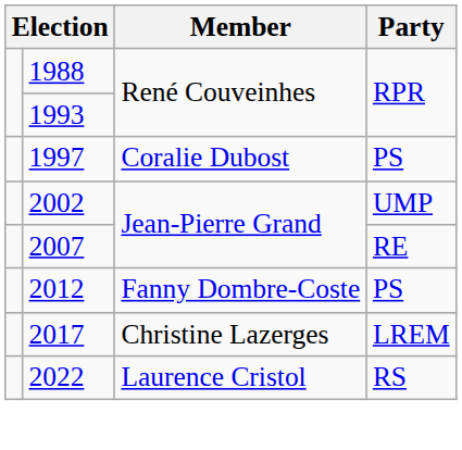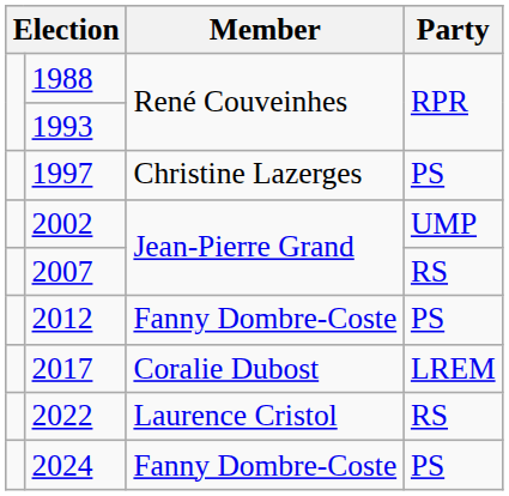 <table class="wikitable">
 <tr>
 <th colspan="2">Election</th>
 <th>Member</th>
 <th>Party</th>
 </tr>
 <tr>
 <td rowspan="2" style="color:inherit;background-color: "></td>
 <td><a href='#'>1988</a></td>
 <td rowspan="2">René Couveinhes</td>
 <td rowspan="2"><a href='#'>RPR</a></td>
 </tr>
 <tr>
 <td><a href='#'>1993</a></td>
 </tr>
 <tr>
 <td style="color:inherit;background-color: "></td>
 <td><a href='#'>1997</a></td>
-<td><a href='#'>Coralie Dubost</a></td>
+<td>Christine Lazerges</td>
 <td><a href='#'>PS</a></td>
 </tr>
 <tr>
 <td style="color:inherit;background-color: "></td>
 <td><a href='#'>2002</a></td>
 <td rowspan="2"><a href='#'>Jean-Pierre Grand</a></td>
 <td><a href='#'>UMP</a></td>
 </tr>
 <tr>
 <td style="color:inherit;background-color: "></td>
 <td><a href='#'>2007</a></td>
-<td><a href='#'>RE</a></td>
+<td><a href='#'>RS</a></td>
 </tr>
 <tr>
 <td style="color:inherit;background-color: "></td>
 <td><a href='#'>2012</a></td>
 <td><a href='#'>Fanny Dombre-Coste</a></td>
 <td><a href='#'>PS</a></td>
 </tr>
 <tr>
 <td style="color:inherit;background-color: "></td>
 <td><a href='#'>2017</a></td>
-<td>Christine Lazerges</td>
+<td><a href='#'>Coralie Dubost</a></td>
 <td><a href='#'>LREM</a></td>
 </tr>
 <tr>
 <td style="color:inherit;background-color: "></td>
 <td><a href='#'>2022</a></td>
 <td><a href='#'>Laurence Cristol</a></td>
 <td><a href='#'>RS</a></td>
 </tr>
+<tr>
+<td style="color:inherit;background-color: "></td>
+<td><a href='#'>2024</a></td>
+<td><a href='#'>Fanny Dombre-Coste</a></td>
+<td><a href='#'>PS</a></td>
+</tr>
 </table>
